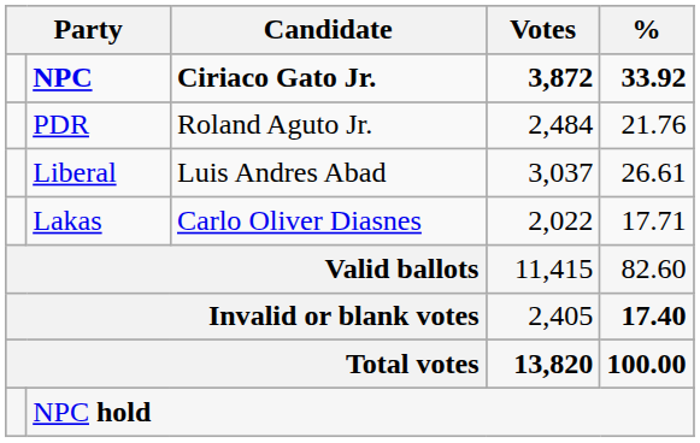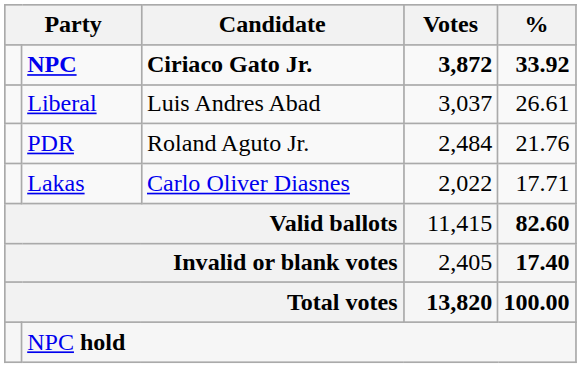 <table class="wikitable" style="font-size:90%; text-align:right;">
 <tr>
 <th colspan="2" style="width:75px;">Party</th>
 <th style="width:150px;">Candidate</th>
 <th style="width:50px;">Votes</th>
 <th style="width:10px;">%</th>
 </tr>
 <tr>
 <td style="background:"></td>
 <td style="text-align:left;"><strong><a href='#'>NPC</a></strong></td>
 <td style="text-align:left;"><strong>Ciriaco Gato Jr.</strong></td>
 <td><strong>3,872</strong></td>
 <td><strong>33.92</strong></td>
 </tr>
 <tr>
 <td style="background:"></td>
+<td style="text-align:left;"><a href='#'>Liberal</a></td>
+<td style="text-align:left;">Luis Andres Abad</td>
+<td>3,037</td>
+<td>26.61</td>
+</tr>
+<tr>
+<td style="background:"></td>
 <td style="text-align:left;"><a href='#'>PDR</a></td>
 <td style="text-align:left;">Roland Aguto Jr.</td>
 <td>2,484</td>
 <td>21.76</td>
-</tr>
-<tr>
-<td style="background:"></td>
-<td style="text-align:left;"><a href='#'>Liberal</a></td>
-<td style="text-align:left;">Luis Andres Abad</td>
-<td>3,037</td>
-<td>26.61</td>
 </tr>
 <tr>
 <td style="background:"></td>
 <td style="text-align:left;"><a href='#'>Lakas</a></td>
 <td style="text-align:left;"><a href='#'>Carlo Oliver Diasnes</a></td>
 <td>2,022</td>
 <td>17.71</td>
 </tr>
 <tr style="background-color:#F6F6F6">
 <th colspan="3" style="text-align:right;">Valid ballots</th>
 <td>11,415</td>
-<td>82.60</td>
+<td><strong>82.60</strong></td>
 </tr>
 <tr style="background-color:#F6F6F6">
 <th colspan="3" style="text-align:right;">Invalid or blank votes</th>
 <td>2,405</td>
 <td><strong>17.40</strong></td>
 </tr>
 <tr style="background-color:#F6F6F6">
 <th colspan="3" style="text-align:right;">Total votes</th>
 <td><strong>13,820</strong></td>
 <td><strong>100.00</strong></td>
 </tr>
 <tr style="background-color:#F6F6F6">
 <td style="background:"></td>
 <td colspan="4" style="text-align:left;"><a href='#'>NPC</a> <strong>hold</strong></td>
 </tr>
 </table>
